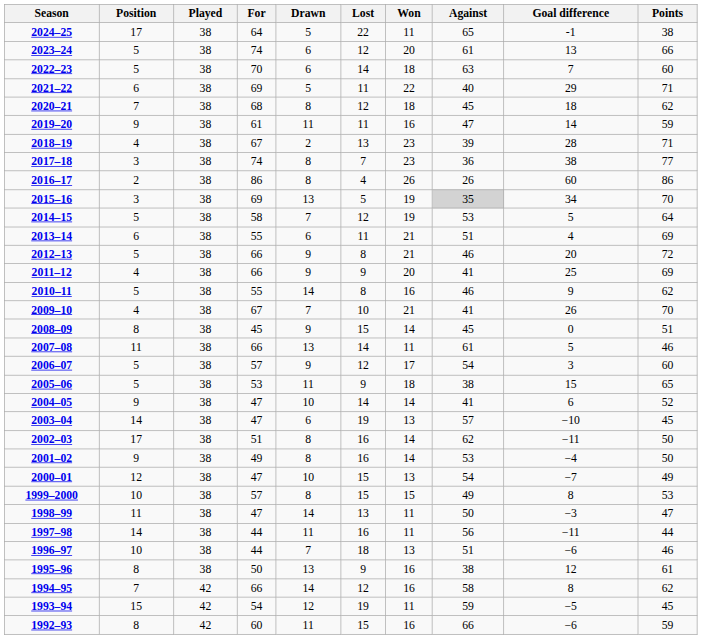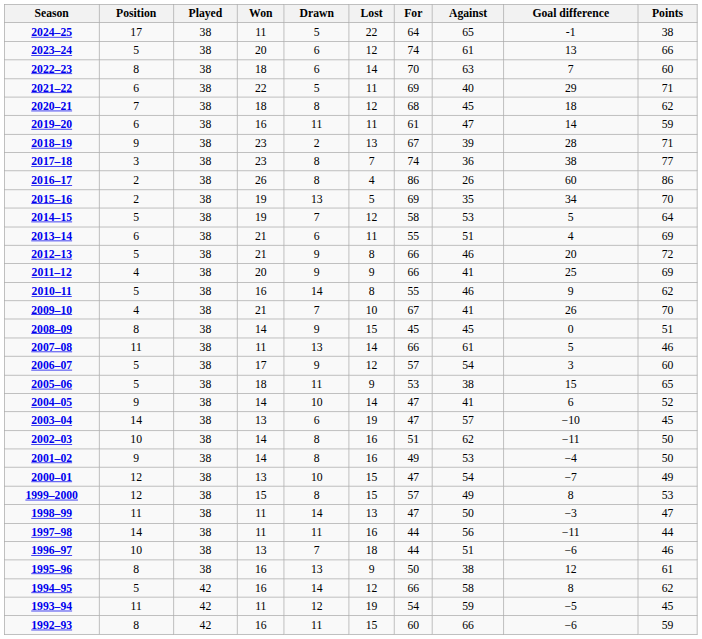 <table class="wikitable sortable" style="width:60%; align:center; text-align:center">
 <tr>
 <th>Season</th>
 <th>Position</th>
 <th>Played</th>
-<th>For</th>
+<th>Won</th>
 <th>Drawn</th>
 <th>Lost</th>
-<th>Won</th>
+<th>For</th>
 <th>Against</th>
 <th>Goal difference</th>
 <th>Points</th>
 </tr>
 <tr>
 <td><strong><a href='#'>2024–25</a></strong></td>
 <td>17</td>
 <td>38</td>
-<td>64</td>
+<td>11</td>
 <td>5</td>
 <td>22</td>
-<td>11</td>
+<td>64</td>
 <td>65</td>
 <td>-1</td>
 <td>38</td>
 </tr>
 <tr>
 <td><strong><a href='#'>2023–24</a></strong></td>
 <td>5</td>
 <td>38</td>
-<td>74</td>
+<td>20</td>
 <td>6</td>
 <td>12</td>
-<td>20</td>
+<td>74</td>
 <td>61</td>
 <td>13</td>
 <td>66</td>
 </tr>
 <tr>
 <td><strong><a href='#'>2022–23</a></strong></td>
-<td>5</td>
+<td>8</td>
 <td>38</td>
-<td>70</td>
+<td>18</td>
 <td>6</td>
 <td>14</td>
-<td>18</td>
+<td>70</td>
 <td>63</td>
 <td>7</td>
 <td>60</td>
 </tr>
 <tr>
 <td><strong><a href='#'>2021–22</a></strong></td>
 <td>6</td>
 <td>38</td>
-<td>69</td>
+<td>22</td>
 <td>5</td>
 <td>11</td>
-<td>22</td>
+<td>69</td>
 <td>40</td>
 <td>29</td>
 <td>71</td>
 </tr>
 <tr>
 <td><strong><a href='#'>2020–21</a></strong></td>
 <td>7</td>
 <td>38</td>
-<td>68</td>
+<td>18</td>
 <td>8</td>
 <td>12</td>
-<td>18</td>
+<td>68</td>
 <td>45</td>
 <td>18</td>
 <td>62</td>
 </tr>
 <tr>
 <td><strong><a href='#'>2019–20</a></strong></td>
-<td>9</td>
+<td>6</td>
 <td>38</td>
-<td>61</td>
+<td>16</td>
 <td>11</td>
 <td>11</td>
-<td>16</td>
+<td>61</td>
 <td>47</td>
 <td>14</td>
 <td>59</td>
 </tr>
 <tr>
 <td><strong><a href='#'>2018–19</a></strong></td>
-<td>4</td>
+<td>9</td>
 <td>38</td>
-<td>67</td>
+<td>23</td>
 <td>2</td>
 <td>13</td>
-<td>23</td>
+<td>67</td>
 <td>39</td>
 <td>28</td>
 <td>71</td>
 </tr>
 <tr>
 <td><strong><a href='#'>2017–18</a></strong></td>
 <td>3</td>
 <td>38</td>
-<td>74</td>
+<td>23</td>
 <td>8</td>
 <td>7</td>
-<td>23</td>
+<td>74</td>
 <td>36</td>
 <td>38</td>
 <td>77</td>
 </tr>
 <tr>
 <td><strong><a href='#'>2016–17</a></strong></td>
 <td>2</td>
 <td>38</td>
-<td>86</td>
+<td>26</td>
 <td>8</td>
 <td>4</td>
-<td>26</td>
+<td>86</td>
 <td>26</td>
 <td>60</td>
 <td>86</td>
 </tr>
 <tr>
 <td><strong><a href='#'>2015–16</a></strong></td>
-<td>3</td>
+<td>2</td>
 <td>38</td>
-<td>69</td>
+<td>19</td>
 <td>13</td>
 <td>5</td>
-<td>19</td>
-<td style="background: lightgrey;">35</td>
+<td>69</td>
+<td>35</td>
 <td>34</td>
 <td>70</td>
 </tr>
 <tr>
 <td><strong><a href='#'>2014–15</a></strong></td>
 <td>5</td>
 <td>38</td>
-<td>58</td>
+<td>19</td>
 <td>7</td>
 <td>12</td>
-<td>19</td>
+<td>58</td>
 <td>53</td>
 <td>5</td>
 <td>64</td>
 </tr>
 <tr>
 <td><strong><a href='#'>2013–14</a></strong></td>
 <td>6</td>
 <td>38</td>
-<td>55</td>
+<td>21</td>
 <td>6</td>
 <td>11</td>
-<td>21</td>
+<td>55</td>
 <td>51</td>
 <td>4</td>
 <td>69</td>
 </tr>
 <tr>
 <td><strong><a href='#'>2012–13</a></strong></td>
 <td>5</td>
 <td>38</td>
-<td>66</td>
+<td>21</td>
 <td>9</td>
 <td>8</td>
-<td>21</td>
+<td>66</td>
 <td>46</td>
 <td>20</td>
 <td>72</td>
 </tr>
 <tr>
 <td><strong><a href='#'>2011–12</a></strong></td>
 <td>4</td>
 <td>38</td>
-<td>66</td>
+<td>20</td>
 <td>9</td>
 <td>9</td>
-<td>20</td>
+<td>66</td>
 <td>41</td>
 <td>25</td>
 <td>69</td>
 </tr>
 <tr>
 <td><strong><a href='#'>2010–11</a></strong></td>
 <td>5</td>
 <td>38</td>
-<td>55</td>
+<td>16</td>
 <td>14</td>
 <td>8</td>
-<td>16</td>
+<td>55</td>
 <td>46</td>
 <td>9</td>
 <td>62</td>
 </tr>
 <tr>
 <td><strong><a href='#'>2009–10</a></strong></td>
 <td>4</td>
 <td>38</td>
-<td>67</td>
+<td>21</td>
 <td>7</td>
 <td>10</td>
-<td>21</td>
+<td>67</td>
 <td>41</td>
 <td>26</td>
 <td>70</td>
 </tr>
 <tr>
 <td><strong><a href='#'>2008–09</a></strong></td>
 <td>8</td>
 <td>38</td>
-<td>45</td>
+<td>14</td>
 <td>9</td>
 <td>15</td>
-<td>14</td>
+<td>45</td>
 <td>45</td>
 <td>0</td>
 <td>51</td>
 </tr>
 <tr>
 <td><strong><a href='#'>2007–08</a></strong></td>
 <td>11</td>
 <td>38</td>
-<td>66</td>
+<td>11</td>
 <td>13</td>
 <td>14</td>
-<td>11</td>
+<td>66</td>
 <td>61</td>
 <td>5</td>
 <td>46</td>
 </tr>
 <tr>
 <td><strong><a href='#'>2006–07</a></strong></td>
 <td>5</td>
 <td>38</td>
-<td>57</td>
+<td>17</td>
 <td>9</td>
 <td>12</td>
-<td>17</td>
+<td>57</td>
 <td>54</td>
 <td>3</td>
 <td>60</td>
 </tr>
 <tr>
 <td><strong><a href='#'>2005–06</a></strong></td>
 <td>5</td>
 <td>38</td>
-<td>53</td>
+<td>18</td>
 <td>11</td>
 <td>9</td>
-<td>18</td>
+<td>53</td>
 <td>38</td>
 <td>15</td>
 <td>65</td>
 </tr>
 <tr>
 <td><strong><a href='#'>2004–05</a></strong></td>
 <td>9</td>
 <td>38</td>
-<td>47</td>
+<td>14</td>
 <td>10</td>
 <td>14</td>
-<td>14</td>
+<td>47</td>
 <td>41</td>
 <td>6</td>
 <td>52</td>
 </tr>
 <tr>
 <td><strong><a href='#'>2003–04</a></strong></td>
 <td>14</td>
 <td>38</td>
-<td>47</td>
+<td>13</td>
 <td>6</td>
 <td>19</td>
-<td>13</td>
+<td>47</td>
 <td>57</td>
 <td>−10</td>
 <td>45</td>
 </tr>
 <tr>
 <td><strong><a href='#'>2002–03</a></strong></td>
-<td>17</td>
+<td>10</td>
 <td>38</td>
-<td>51</td>
+<td>14</td>
 <td>8</td>
 <td>16</td>
-<td>14</td>
+<td>51</td>
 <td>62</td>
 <td>−11</td>
 <td>50</td>
 </tr>
 <tr>
 <td><strong><a href='#'>2001–02</a></strong></td>
 <td>9</td>
 <td>38</td>
-<td>49</td>
+<td>14</td>
 <td>8</td>
 <td>16</td>
-<td>14</td>
+<td>49</td>
 <td>53</td>
 <td>−4</td>
 <td>50</td>
 </tr>
 <tr>
 <td><strong><a href='#'>2000–01</a></strong></td>
 <td>12</td>
 <td>38</td>
-<td>47</td>
+<td>13</td>
 <td>10</td>
 <td>15</td>
-<td>13</td>
+<td>47</td>
 <td>54</td>
 <td>−7</td>
 <td>49</td>
 </tr>
 <tr>
 <td><strong><a href='#'>1999–2000</a></strong></td>
-<td>10</td>
+<td>12</td>
 <td>38</td>
-<td>57</td>
+<td>15</td>
 <td>8</td>
 <td>15</td>
-<td>15</td>
+<td>57</td>
 <td>49</td>
 <td>8</td>
 <td>53</td>
 </tr>
 <tr>
 <td><strong><a href='#'>1998–99</a></strong></td>
 <td>11</td>
 <td>38</td>
-<td>47</td>
+<td>11</td>
 <td>14</td>
 <td>13</td>
-<td>11</td>
+<td>47</td>
 <td>50</td>
 <td>−3</td>
 <td>47</td>
 </tr>
 <tr>
 <td><strong><a href='#'>1997–98</a></strong></td>
 <td>14</td>
 <td>38</td>
-<td>44</td>
+<td>11</td>
 <td>11</td>
 <td>16</td>
-<td>11</td>
+<td>44</td>
 <td>56</td>
 <td>−11</td>
 <td>44</td>
 </tr>
 <tr>
 <td><strong><a href='#'>1996–97</a></strong></td>
 <td>10</td>
 <td>38</td>
-<td>44</td>
+<td>13</td>
 <td>7</td>
 <td>18</td>
-<td>13</td>
+<td>44</td>
 <td>51</td>
 <td>−6</td>
 <td>46</td>
 </tr>
 <tr>
 <td><strong><a href='#'>1995–96</a></strong></td>
 <td>8</td>
 <td>38</td>
-<td>50</td>
+<td>16</td>
 <td>13</td>
 <td>9</td>
-<td>16</td>
+<td>50</td>
 <td>38</td>
 <td>12</td>
 <td>61</td>
 </tr>
 <tr>
 <td><strong><a href='#'>1994–95</a></strong></td>
-<td>7</td>
+<td>5</td>
 <td>42</td>
-<td>66</td>
+<td>16</td>
 <td>14</td>
 <td>12</td>
-<td>16</td>
+<td>66</td>
 <td>58</td>
 <td>8</td>
 <td>62</td>
 </tr>
 <tr>
 <td><strong><a href='#'>1993–94</a></strong></td>
-<td>15</td>
+<td>11</td>
 <td>42</td>
-<td>54</td>
+<td>11</td>
 <td>12</td>
 <td>19</td>
-<td>11</td>
+<td>54</td>
 <td>59</td>
 <td>−5</td>
 <td>45</td>
 </tr>
 <tr>
 <td><strong><a href='#'>1992–93</a></strong></td>
 <td>8</td>
 <td>42</td>
-<td>60</td>
+<td>16</td>
 <td>11</td>
 <td>15</td>
-<td>16</td>
+<td>60</td>
 <td>66</td>
 <td>−6</td>
 <td>59</td>
 </tr>
 </table>
